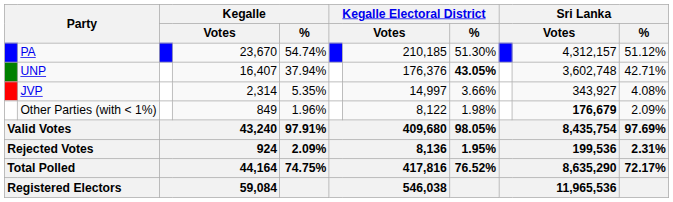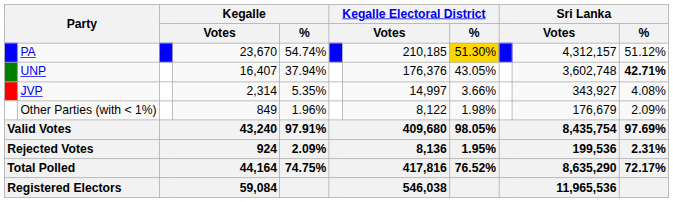 <table class="wikitable">
 <tr>
 <th colspan="2" width="144px"rowspan="2">Party</th>
 <th colspan="3" width="216px">Kegalle</th>
 <th colspan="3" width="216px"><a href='#'>Kegalle Electoral District</a></th>
 <th colspan="3" width="216px">Sri Lanka</th>
 </tr>
 <tr>
 <th colspan="2" width="144px">Votes</th>
 <th>%</th>
 <th colspan="2" width="144px">Votes</th>
 <th>%</th>
 <th colspan="2" width="144px">Votes</th>
 <th>%</th>
 </tr>
 <tr>
 <td style="background-color:blue;" width="10px"></td>
 <td style="text-align:left;"><a href='#'>PA</a></td>
 <td style="background-color:blue;" width="10px"></td>
 <td style="text-align:right;">23,670</td>
 <td style="text-align:right;">54.74%</td>
 <td style="background-color:blue;" width="10px"></td>
 <td style="text-align:right;">210,185</td>
-<td style="text-align:right;">51.30%</td>
+<td style="background: gold; text-align:right;">51.30%</td>
 <td style="background-color:blue;" width="10px"></td>
 <td style="text-align:right;">4,312,157</td>
 <td style="text-align:right;">51.12%</td>
 </tr>
 <tr>
 <td style="background-color:green;" width="10px"></td>
 <td style="text-align:left;"><a href='#'>UNP</a></td>
 <td style="background-color:white;" width="10px"></td>
 <td style="text-align:right;">16,407</td>
 <td style="text-align:right;">37.94%</td>
 <td style="background-color:white;" width="10px"></td>
 <td style="text-align:right;">176,376</td>
-<td style="text-align:right;"><strong>43.05%</strong></td>
+<td style="text-align:right;">43.05%</td>
 <td style="background-color:white;" width="10px"></td>
 <td style="text-align:right;">3,602,748</td>
-<td style="text-align:right;">42.71%</td>
+<td style="text-align:right;"><strong>42.71%</strong></td>
 </tr>
 <tr>
 <td style="background-color:red;" width="10px"></td>
 <td style="text-align:left;"><a href='#'>JVP</a></td>
 <td style="background-color:white;" width="10px"></td>
 <td style="text-align:right;">2,314</td>
 <td style="text-align:right;">5.35%</td>
 <td style="background-color:white;" width="10px"></td>
 <td style="text-align:right;">14,997</td>
 <td style="text-align:right;">3.66%</td>
 <td style="background-color:white;" width="10px"></td>
 <td style="text-align:right;">343,927</td>
 <td style="text-align:right;">4.08%</td>
 </tr>
 <tr>
 <td style="background-color:white;" width="10px"></td>
 <td style="text-align:left;">Other Parties (with < 1%)</td>
 <td style="background-color:white;" width="10px"></td>
 <td style="text-align:right;">849</td>
 <td style="text-align:right;">1.96%</td>
 <td style="background-color:white;" width="10px"></td>
 <td style="text-align:right;">8,122</td>
 <td style="text-align:right;">1.98%</td>
 <td style="background-color:white;" width="10px"></td>
-<td style="text-align:right;"><strong>176,679</strong></td>
+<td style="text-align:right;">176,679</td>
 <td style="text-align:right;">2.09%</td>
 </tr>
 <tr>
 <th colspan="2" width="144px"style="text-align:left;">Valid Votes</th>
 <th style="text-align:right;"colspan="2" width="144px">43,240</th>
 <th style="text-align:right;">97.91%</th>
 <th style="text-align:right;"colspan="2" width="144px">409,680</th>
 <th style="text-align:right;">98.05%</th>
 <th style="text-align:right;"colspan="2" width="144px">8,435,754</th>
 <th style="text-align:right;">97.69%</th>
 </tr>
 <tr>
 <th colspan="2" width="144px"style="text-align:left;">Rejected Votes</th>
 <th style="text-align:right;"colspan="2" width="144px">924</th>
 <th style="text-align:right;">2.09%</th>
 <th style="text-align:right;"colspan="2" width="144px">8,136</th>
 <th style="text-align:right;">1.95%</th>
 <th style="text-align:right;"colspan="2" width="144px">199,536</th>
 <th style="text-align:right;">2.31%</th>
 </tr>
 <tr>
 <th colspan="2" width="144px"style="text-align:left;">Total Polled</th>
 <th style="text-align:right;"colspan="2" width="144px">44,164</th>
 <th style="text-align:right;">74.75%</th>
 <th style="text-align:right;"colspan="2" width="144px">417,816</th>
 <th style="text-align:right;">76.52%</th>
 <th style="text-align:right;"colspan="2" width="144px">8,635,290</th>
 <th style="text-align:right;">72.17%</th>
 </tr>
 <tr>
 <th colspan="2" width="144px"style="text-align:left;">Registered Electors</th>
 <th style="text-align:right;"colspan="2" width="144px">59,084</th>
 <th></th>
 <th style="text-align:right;"colspan="2" width="144px">546,038</th>
 <th></th>
 <th style="text-align:right;"colspan="2" width="144px">11,965,536</th>
 <th></th>
 </tr>
 </table>
